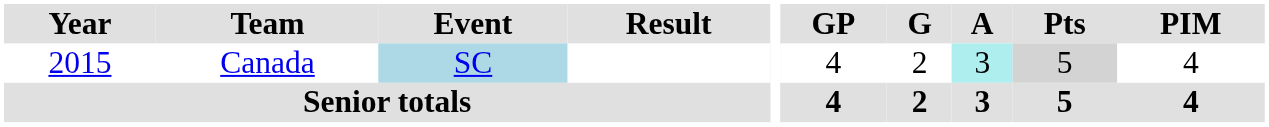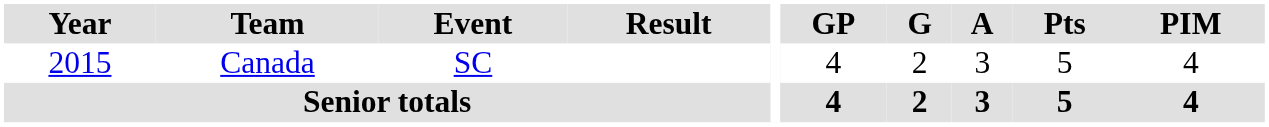 <table border="0" cellpadding="1" cellspacing="0" ID="Table3" style="text-align:center; width:40em">
 <tr ALIGN="center" bgcolor="#e0e0e0">
 <th>Year</th>
 <th>Team</th>
 <th>Event</th>
 <th>Result</th>
 <th rowspan="99" bgcolor="#ffffff"></th>
 <th>GP</th>
 <th>G</th>
 <th>A</th>
 <th>Pts</th>
 <th>PIM</th>
 </tr>
 <tr>
 <td><a href='#'>2015</a></td>
 <td><a href='#'>Canada</a></td>
-<td style="background: lightblue;"><a href='#'>SC</a></td>
+<td><a href='#'>SC</a></td>
 <td></td>
 <td>4</td>
 <td>2</td>
-<td style="background: paleturquoise;">3</td>
-<td style="background: lightgrey;">5</td>
+<td>3</td>
+<td>5</td>
 <td>4</td>
 </tr>
 <tr ALIGN="center" bgcolor="#e0e0e0">
 <th colspan=4>Senior totals</th>
 <th>4</th>
 <th>2</th>
 <th>3</th>
 <th>5</th>
 <th>4</th>
 </tr>
 </table>
